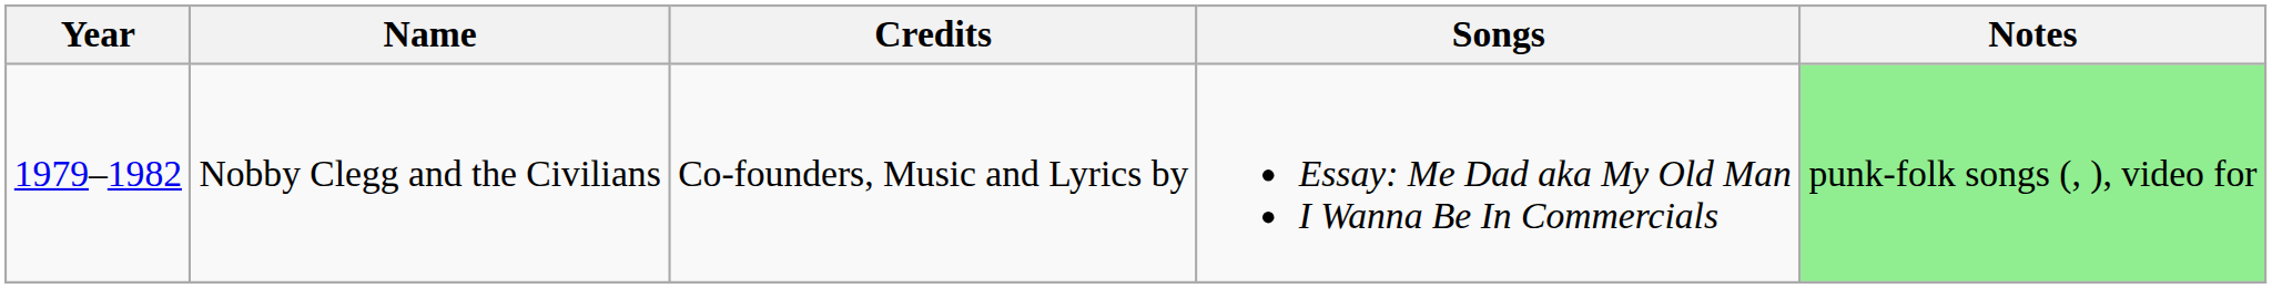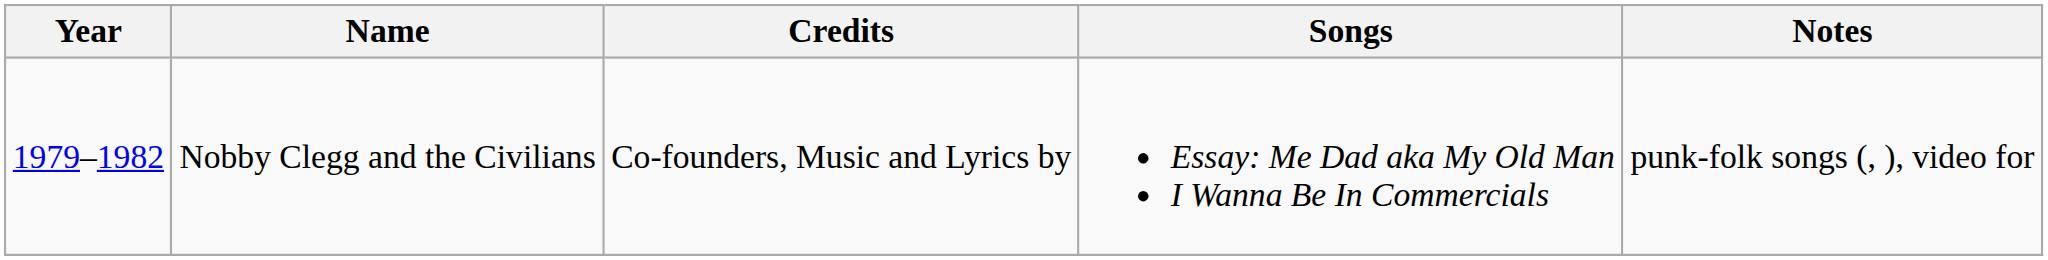 <table class="wikitable">
 <tr>
 <th>Year</th>
 <th>Name</th>
 <th>Credits</th>
 <th>Songs</th>
 <th>Notes</th>
 </tr>
 <tr>
 <td><a href='#'>1979</a>–<a href='#'>1982</a></td>
 <td>Nobby Clegg and the Civilians</td>
 <td>Co-founders, Music and Lyrics by</td>
 <td><br><ul><li><em>Essay: Me Dad aka My Old Man</em></li><li><em>I Wanna Be In Commercials</em></li></ul></td>
-<td style="background: lightgreen;">punk-folk songs (, ), video for </td>
+<td>punk-folk songs (, ), video for </td>
 </tr>
 <tr>
 </tr>
 </table>
